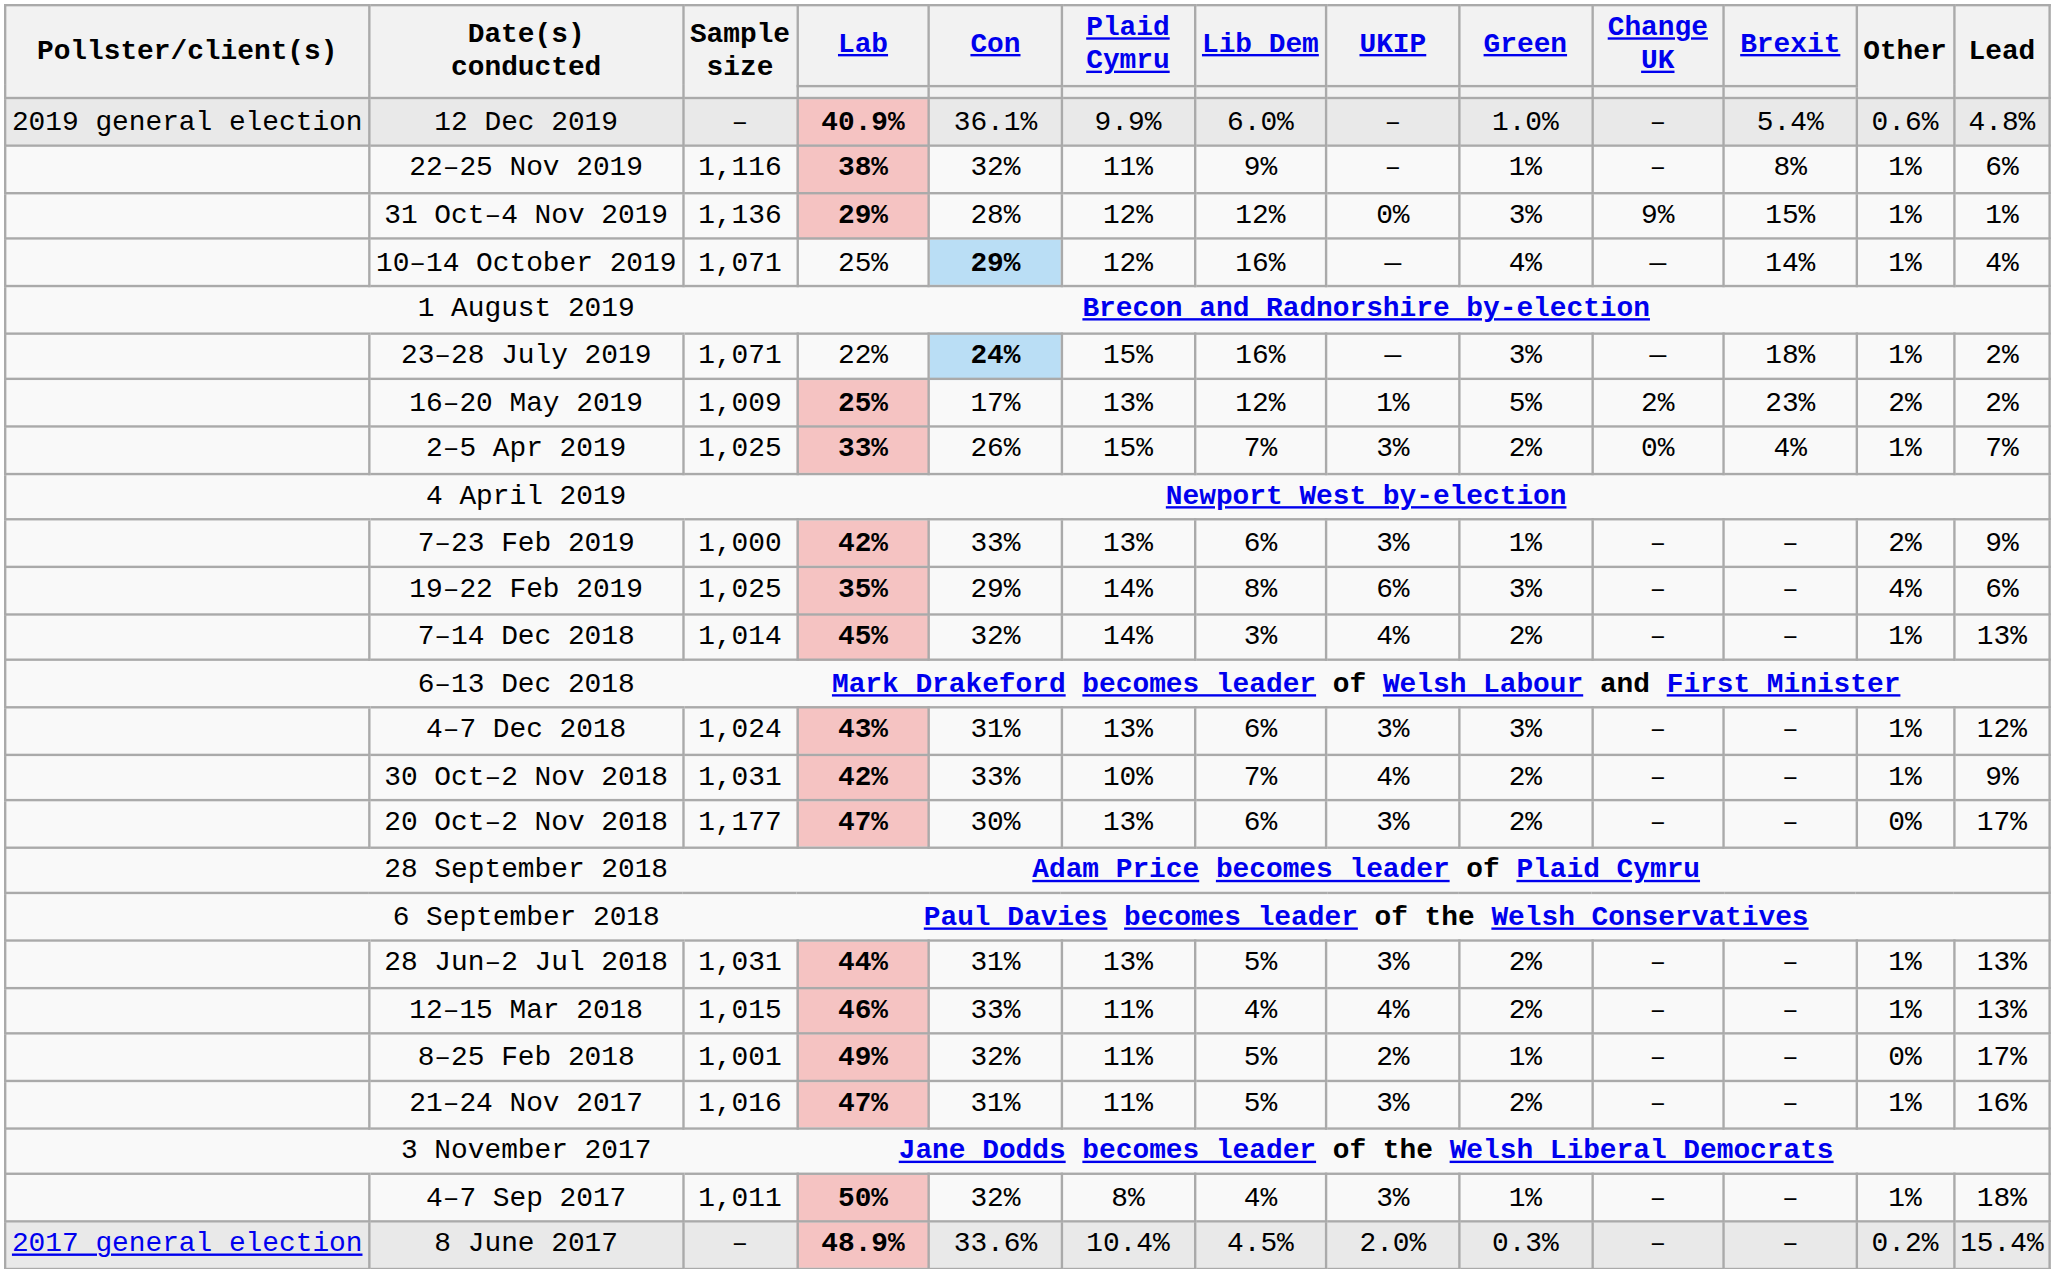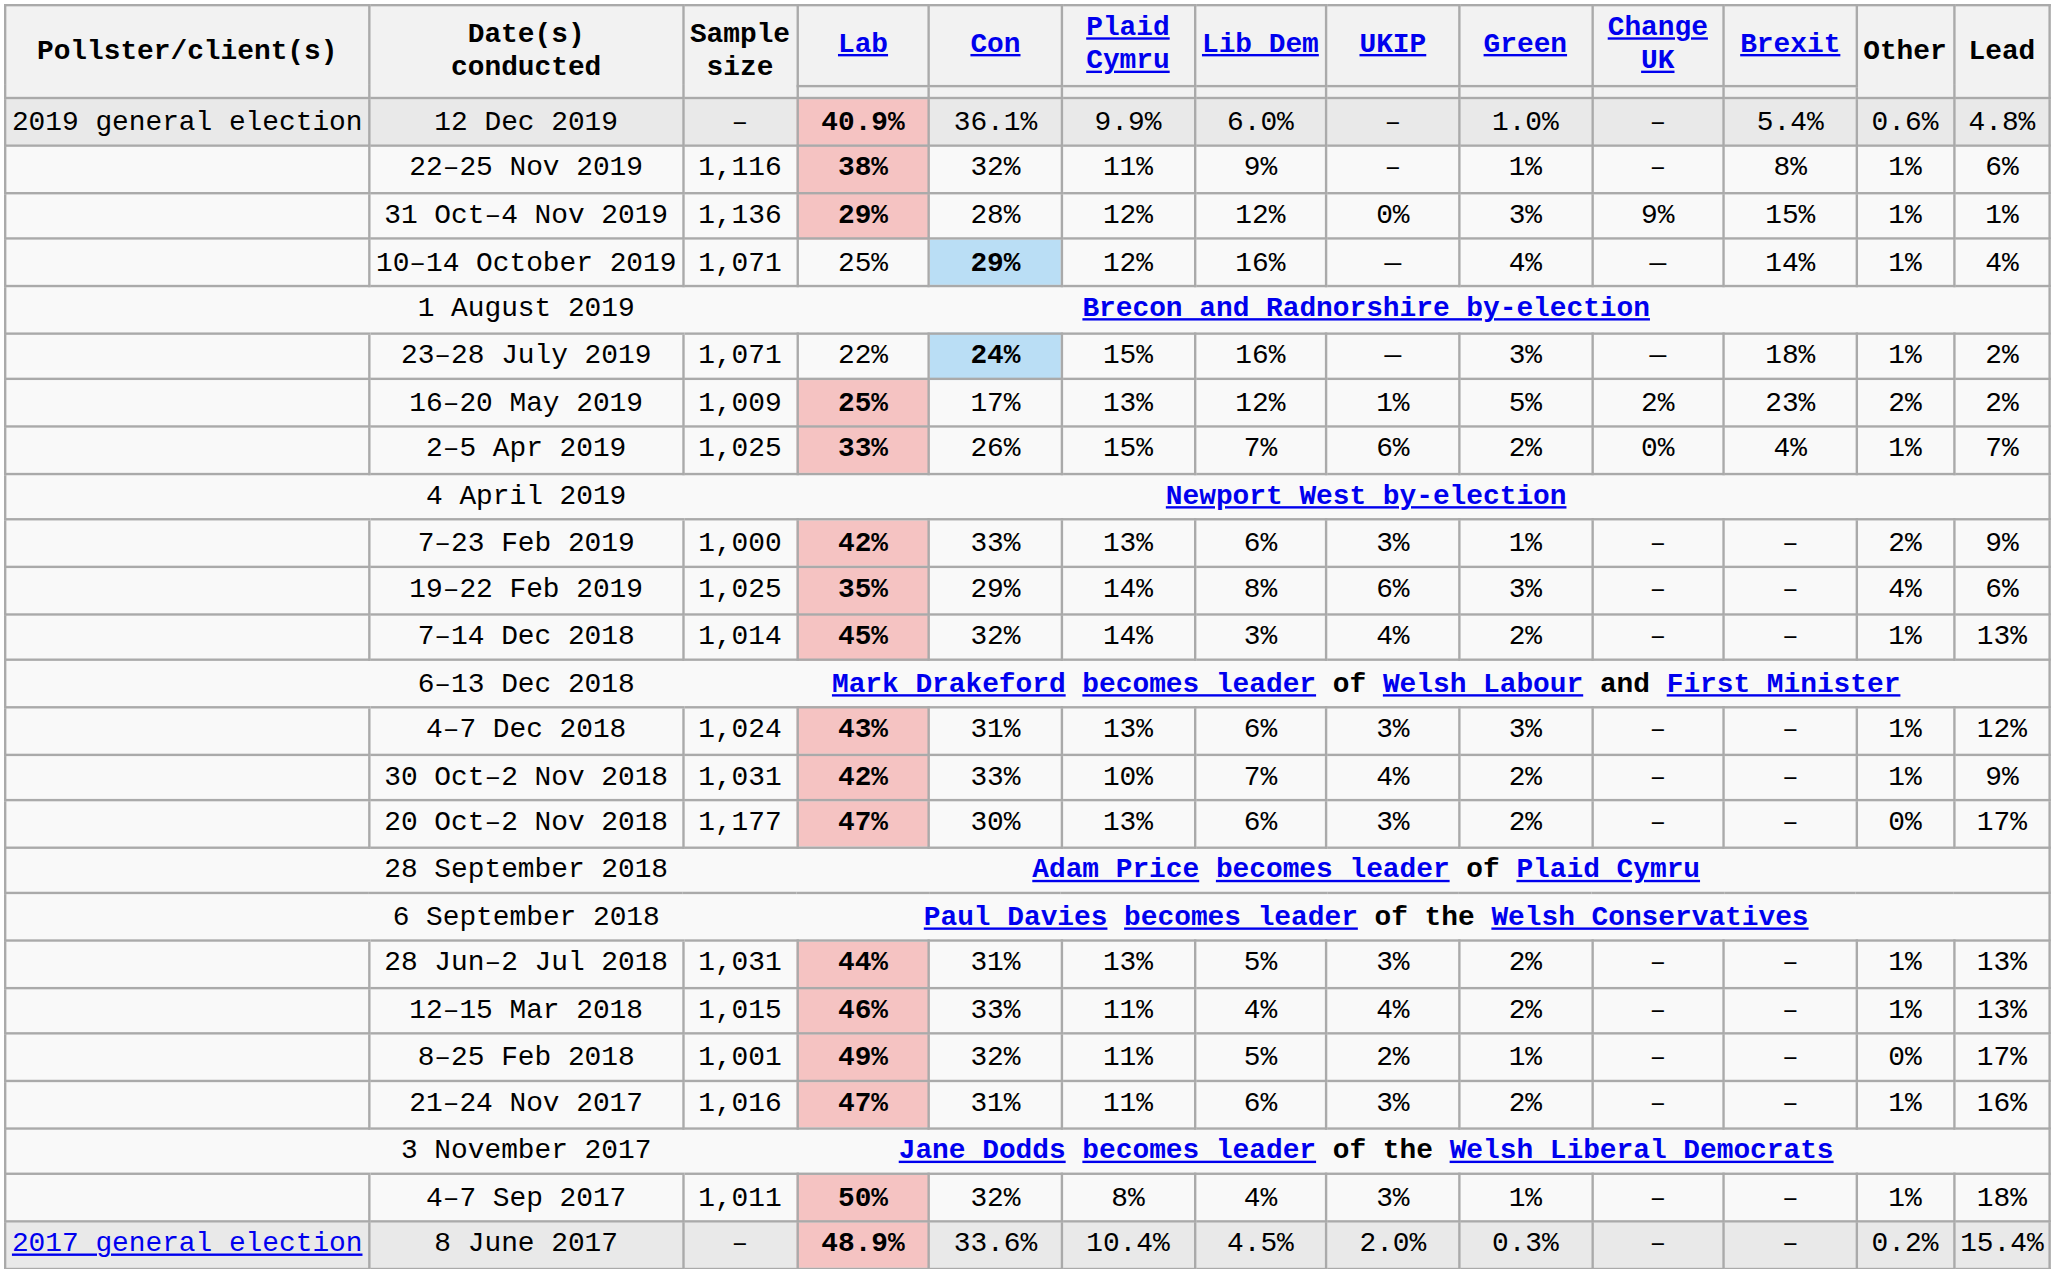 <table class="wikitable sortable" style="text-align:center;font-size:90%;line-height:14px;">
 <tr>
 <th rowspan="2">Pollster/client(s)</th>
 <th rowspan="2">Date(s)<br>conducted</th>
 <th data-sort-type="number" rowspan="2">Sample<br>size</th>
 <th class="unsortable" style="width:50px;"><a href='#'>Lab</a></th>
 <th class="unsortable" style="width:50px;"><a href='#'>Con</a></th>
 <th class="unsortable" style="width:50px;"><a href='#'>Plaid Cymru</a></th>
 <th class="unsortable" style="width:50px;"><a href='#'>Lib Dem</a></th>
 <th class="unsortable" style="width:50px;"><a href='#'>UKIP</a></th>
 <th class="unsortable" style="width:50px;"><a href='#'>Green</a></th>
 <th class="unsortable" style="width:50px;"><a href='#'>Change UK</a></th>
 <th class="unsortable" style="width:50px;"><a href='#'>Brexit</a></th>
 <th class="unsortable" rowspan="2">Other</th>
 <th data-sort-type="number" rowspan="2">Lead</th>
 </tr>
 <tr>
 <th data-sort-type="number" style="background:"></th>
 <th data-sort-type="number" style="background:"></th>
 <th data-sort-type="number" style="background:"></th>
 <th data-sort-type="number" style="background:"></th>
 <th data-sort-type="number" style="background:"></th>
 <th data-sort-type="number" style="background:"></th>
 <th data-sort-type="number" style="background:"></th>
 <th data-sort-type="number" style="background:"></th>
 </tr>
 <tr style="background:#E9E9E9;">
 <td>2019 general election</td>
 <td data-sort-value="2019-12-12">12 Dec 2019</td>
 <td>–</td>
 <td style="background:#F5C3C2;"><strong>40.9%</strong></td>
 <td>36.1%</td>
 <td>9.9%</td>
 <td>6.0%</td>
 <td>–</td>
 <td>1.0%</td>
 <td>–</td>
 <td>5.4%</td>
 <td>0.6%</td>
 <td style="background:">4.8%</td>
 </tr>
 <tr>
 <td></td>
 <td data-sort-value="2019-11-25">22–25 Nov 2019</td>
 <td>1,116</td>
 <td style="background:#F5C3C2;"><strong>38%</strong></td>
 <td>32%</td>
 <td>11%</td>
 <td>9%</td>
 <td>–</td>
 <td>1%</td>
 <td>–</td>
 <td>8%</td>
 <td>1%</td>
 <td style="background:">6%</td>
 </tr>
 <tr>
 <td></td>
 <td data-sort-value="2019-11-04">31 Oct–4 Nov 2019</td>
 <td>1,136</td>
 <td style="background:#F5C3C2;"><strong>29%</strong></td>
 <td>28%</td>
 <td>12%</td>
 <td>12%</td>
 <td>0%</td>
 <td>3%</td>
 <td>9%</td>
 <td>15%</td>
 <td>1%</td>
 <td style="background:">1%</td>
 </tr>
 <tr>
 <td></td>
 <td data-sort-value="2019-05-20">10–14 October 2019</td>
 <td>1,071</td>
 <td>25%</td>
 <td style="background:#BADEF5;"><strong>29%</strong></td>
 <td>12%</td>
 <td>16%</td>
 <td>—</td>
 <td>4%</td>
 <td>—</td>
 <td>14%</td>
 <td>1%</td>
 <td style="background:">4%</td>
 </tr>
 <tr>
 <td style="border-right-style:hidden;"></td>
 <td style="border-right-style:hidden;" data-sort-value="2019-08-01">1 August 2019</td>
 <td style="font-weight:bold;" colspan="13"><a href='#'>Brecon and Radnorshire by-election</a></td>
 </tr>
 <tr>
 <td></td>
 <td data-sort-value="2019-05-20">23–28 July 2019</td>
 <td>1,071</td>
 <td>22%</td>
 <td style="background:#BADEF5;"><strong>24%</strong></td>
 <td>15%</td>
 <td>16%</td>
 <td>—</td>
 <td>3%</td>
 <td>—</td>
 <td>18%</td>
 <td>1%</td>
 <td style="background:">2%</td>
 </tr>
 <tr>
 <td></td>
 <td data-sort-value="2019-05-20">16–20 May 2019</td>
 <td>1,009</td>
 <td style="background:#F5C3C2;"><strong>25%</strong></td>
 <td>17%</td>
 <td>13%</td>
 <td>12%</td>
 <td>1%</td>
 <td>5%</td>
 <td>2%</td>
 <td>23%</td>
 <td>2%</td>
 <td style="background:">2%</td>
 </tr>
 <tr>
 <td></td>
 <td data-sort-value="2019-04-05">2–5 Apr 2019</td>
 <td>1,025</td>
 <td style="background:#F5C3C2;"><strong>33%</strong></td>
 <td>26%</td>
 <td>15%</td>
 <td>7%</td>
-<td>3%</td>
+<td>6%</td>
 <td>2%</td>
 <td>0%</td>
 <td>4%</td>
 <td>1%</td>
 <td style="background:">7%</td>
 </tr>
 <tr>
 <td style="border-right-style:hidden;"></td>
 <td style="border-right-style:hidden;" data-sort-value="2019-04-04">4 April 2019</td>
 <td style="font-weight:bold;" colspan="13"><a href='#'>Newport West by-election</a></td>
 </tr>
 <tr>
 <td></td>
 <td data-sort-value="2019-02-23">7–23 Feb 2019</td>
 <td>1,000</td>
 <td style="background:#F5C3C2;"><strong>42%</strong></td>
 <td>33%</td>
 <td>13%</td>
 <td>6%</td>
 <td>3%</td>
 <td>1%</td>
 <td>–</td>
 <td>–</td>
 <td>2%</td>
 <td style="background:">9%</td>
 </tr>
 <tr>
 <td></td>
 <td data-sort-value="2019-02-22">19–22 Feb 2019</td>
 <td>1,025</td>
 <td style="background:#F5C3C2;"><strong>35%</strong></td>
 <td>29%</td>
 <td>14%</td>
 <td>8%</td>
 <td>6%</td>
 <td>3%</td>
 <td>–</td>
 <td>–</td>
 <td>4%</td>
 <td style="background:">6%</td>
 </tr>
 <tr>
 <td></td>
 <td data-sort-value="2018-12-14">7–14 Dec 2018</td>
 <td>1,014</td>
 <td style="background:#F5C3C2;"><strong>45%</strong></td>
 <td>32%</td>
 <td>14%</td>
 <td>3%</td>
 <td>4%</td>
 <td>2%</td>
 <td>–</td>
 <td>–</td>
 <td>1%</td>
 <td style="background:">13%</td>
 </tr>
 <tr>
 <td style="border-right-style:hidden;"></td>
 <td style="border-right-style:hidden;" data-sort-value="2018-12-13">6–13 Dec 2018</td>
 <td style="font-weight:bold;" colspan="11"><a href='#'>Mark Drakeford</a> <a href='#'>becomes leader</a> of <a href='#'>Welsh Labour</a> and <a href='#'>First Minister</a></td>
 </tr>
 <tr>
 <td></td>
 <td data-sort-value="2018-12-07">4–7 Dec 2018</td>
 <td>1,024</td>
 <td style="background:#F5C3C2;"><strong>43%</strong></td>
 <td>31%</td>
 <td>13%</td>
 <td>6%</td>
 <td>3%</td>
 <td>3%</td>
 <td>–</td>
 <td>–</td>
 <td>1%</td>
 <td style="background:">12%</td>
 </tr>
 <tr>
 <td></td>
 <td data-sort-value="2018-11-02">30 Oct–2 Nov 2018</td>
 <td>1,031</td>
 <td style="background:#F5C3C2;"><strong>42%</strong></td>
 <td>33%</td>
 <td>10%</td>
 <td>7%</td>
 <td>4%</td>
 <td>2%</td>
 <td>–</td>
 <td>–</td>
 <td>1%</td>
 <td style="background:">9%</td>
 </tr>
 <tr>
 <td></td>
 <td data-sort-value="2018-11-02">20 Oct–2 Nov 2018</td>
 <td>1,177</td>
 <td style="background:#F5C3C2;"><strong>47%</strong></td>
 <td>30%</td>
 <td>13%</td>
 <td>6%</td>
 <td>3%</td>
 <td>2%</td>
 <td>–</td>
 <td>–</td>
 <td>0%</td>
 <td style="background:">17%</td>
 </tr>
 <tr>
 <td style="border-right-style:hidden;"></td>
 <td style="border-right-style:hidden;" data-sort-value="2018-09-28">28 September 2018</td>
 <td style="font-weight:bold;" colspan="11"><a href='#'>Adam Price</a> <a href='#'>becomes leader</a> of <a href='#'>Plaid Cymru</a></td>
 </tr>
 <tr>
 <td style="border-right-style:hidden;"></td>
 <td style="border-right-style:hidden;" data-sort-value="2018-09-06">6 September 2018</td>
 <td style="font-weight:bold;" colspan="11"><a href='#'>Paul Davies</a> <a href='#'>becomes leader</a> of the <a href='#'>Welsh Conservatives</a></td>
 </tr>
 <tr>
 <td></td>
 <td data-sort-value="2018-07-02">28 Jun–2 Jul 2018</td>
 <td>1,031</td>
 <td style="background:#F5C3C2;"><strong>44%</strong></td>
 <td>31%</td>
 <td>13%</td>
 <td>5%</td>
 <td>3%</td>
 <td>2%</td>
 <td>–</td>
 <td>–</td>
 <td>1%</td>
 <td style="background:">13%</td>
 </tr>
 <tr>
 <td></td>
 <td data-sort-value="2018-03-15">12–15 Mar 2018</td>
 <td>1,015</td>
 <td style="background:#F5C3C2;"><strong>46%</strong></td>
 <td>33%</td>
 <td>11%</td>
 <td>4%</td>
 <td>4%</td>
 <td>2%</td>
 <td>–</td>
 <td>–</td>
 <td>1%</td>
 <td style="background:">13%</td>
 </tr>
 <tr>
 <td></td>
 <td data-sort-value="2018-02-25">8–25 Feb 2018</td>
 <td>1,001</td>
 <td style="background:#F5C3C2;"><strong>49%</strong></td>
 <td>32%</td>
 <td>11%</td>
 <td>5%</td>
 <td>2%</td>
 <td>1%</td>
 <td>–</td>
 <td>–</td>
 <td>0%</td>
 <td style="background:">17%</td>
 </tr>
 <tr>
 <td></td>
 <td data-sort-value="2017-11-24">21–24 Nov 2017</td>
 <td>1,016</td>
 <td style="background:#F5C3C2;"><strong>47%</strong></td>
 <td>31%</td>
 <td>11%</td>
-<td>5%</td>
+<td>6%</td>
 <td>3%</td>
 <td>2%</td>
 <td>–</td>
 <td>–</td>
 <td>1%</td>
 <td style="background:">16%</td>
 </tr>
 <tr>
 <td style="border-right-style:hidden;"></td>
 <td style="border-right-style:hidden;" data-sort-value="2017-11-03">3 November 2017</td>
 <td style="font-weight:bold;" colspan="11"><a href='#'>Jane Dodds</a> <a href='#'>becomes leader</a> of the <a href='#'>Welsh Liberal Democrats</a></td>
 </tr>
 <tr>
 <td></td>
 <td data-sort-value="2017-09-07">4–7 Sep 2017</td>
 <td>1,011</td>
 <td style="background:#F5C3C2;"><strong>50%</strong></td>
 <td>32%</td>
 <td>8%</td>
 <td>4%</td>
 <td>3%</td>
 <td>1%</td>
 <td>–</td>
 <td>–</td>
 <td>1%</td>
 <td style="background:">18%</td>
 </tr>
 <tr style="background:#E9E9E9;">
 <td><a href='#'>2017 general election</a></td>
 <td data-sort-value="2017-06-08">8 June 2017</td>
 <td>–</td>
 <td style="background:#F5C3C2;"><strong>48.9%</strong></td>
 <td>33.6%</td>
 <td>10.4%</td>
 <td>4.5%</td>
 <td>2.0%</td>
 <td>0.3%</td>
 <td>–</td>
 <td>–</td>
 <td>0.2%</td>
 <td style="background:">15.4%</td>
 </tr>
 </table>
